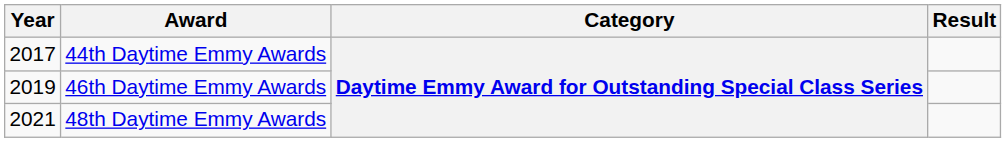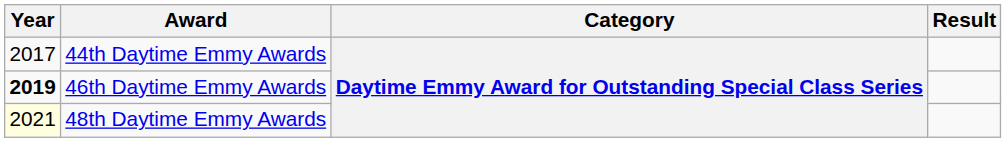 <table class="wikitable plainrowheaders">
 <tr>
 <th scope="col">Year</th>
 <th scope="col">Award</th>
 <th scope="col">Category</th>
 <th scope="col">Result</th>
 </tr>
 <tr>
 <td>2017</td>
 <td><a href='#'>44th Daytime Emmy Awards</a></td>
 <th scope="row" rowspan=3><a href='#'>Daytime Emmy Award for Outstanding Special Class Series</a></th>
 <td></td>
 </tr>
 <tr>
-<td>2019</td>
+<td><strong>2019</strong></td>
 <td><a href='#'>46th Daytime Emmy Awards</a></td>
 <td></td>
 </tr>
 <tr>
-<td>2021</td>
+<td style="background: lightyellow;">2021</td>
 <td><a href='#'>48th Daytime Emmy Awards</a></td>
 <td></td>
 </tr>
 </table>
